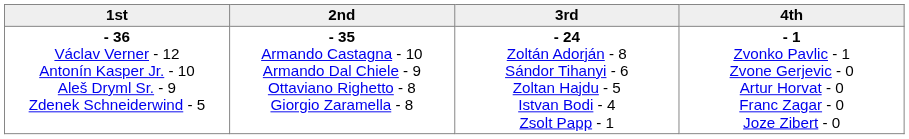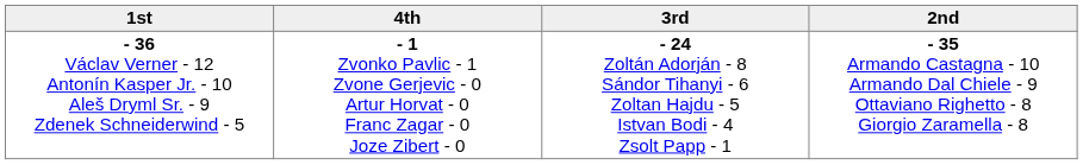 <table border=1 cellpadding=2 cellspacing=0 width=75% style="border-collapse:collapse">
 <tr align=center style="background:#efefef;">
 <th width=20% >1st</th>
+<th width=20%>4th</th>
+<th width=20% >3rd</th>
 <th width=20% >2nd</th>
-<th width=20% >3rd</th>
-<th width=20%>4th</th>
 </tr>
 <tr align=center>
 <td valign=top ><strong> - 36</strong><br><a href='#'>Václav Verner</a> - 12 <br><a href='#'>Antonín Kasper Jr.</a> - 10 <br><a href='#'>Aleš Dryml Sr.</a> - 9 <br><a href='#'>Zdenek Schneiderwind</a> - 5</td>
+<td valign=top><strong> - 1</strong><br><a href='#'>Zvonko Pavlic</a> - 1 <br><a href='#'>Zvone Gerjevic</a> - 0 <br><a href='#'>Artur Horvat</a> - 0 <br><a href='#'>Franc Zagar</a> - 0 <br><a href='#'>Joze Zibert</a> - 0</td>
+<td valign=top ><strong> - 24</strong><br><a href='#'>Zoltán Adorján</a> - 8 <br><a href='#'>Sándor Tihanyi</a> - 6 <br><a href='#'>Zoltan Hajdu</a> - 5 <br><a href='#'>Istvan Bodi</a> - 4 <br><a href='#'>Zsolt Papp</a> - 1</td>
 <td valign=top ><strong> - 35</strong><br><a href='#'>Armando Castagna</a> - 10 <br><a href='#'>Armando Dal Chiele</a> - 9 <br><a href='#'>Ottaviano Righetto</a> - 8 <br><a href='#'>Giorgio Zaramella</a> - 8</td>
-<td valign=top ><strong> - 24</strong><br><a href='#'>Zoltán Adorján</a> - 8 <br><a href='#'>Sándor Tihanyi</a> - 6 <br><a href='#'>Zoltan Hajdu</a> - 5 <br><a href='#'>Istvan Bodi</a> - 4 <br><a href='#'>Zsolt Papp</a> - 1</td>
-<td valign=top><strong> - 1</strong><br><a href='#'>Zvonko Pavlic</a> - 1 <br><a href='#'>Zvone Gerjevic</a> - 0 <br><a href='#'>Artur Horvat</a> - 0 <br><a href='#'>Franc Zagar</a> - 0 <br><a href='#'>Joze Zibert</a> - 0</td>
 </tr>
 </table>
